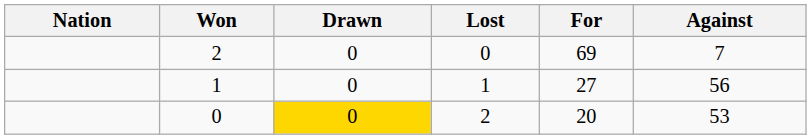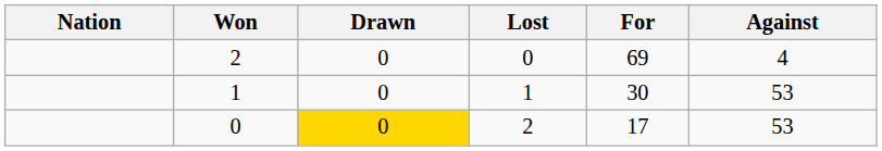 <table class="wikitable" style="text-align: center; width:50%">
 <tr>
 <th>Nation</th>
 <th>Won</th>
 <th>Drawn</th>
 <th>Lost</th>
 <th>For</th>
 <th>Against</th>
 </tr>
 <tr>
 <td align=left></td>
 <td>2</td>
 <td>0</td>
 <td>0</td>
 <td>69</td>
-<td>7</td>
+<td>4</td>
 </tr>
 <tr>
 <td align=left></td>
 <td>1</td>
 <td>0</td>
 <td>1</td>
-<td>27</td>
-<td>56</td>
+<td>30</td>
+<td>53</td>
 </tr>
 <tr>
 <td align=left></td>
 <td>0</td>
 <td style="background: gold;">0</td>
 <td>2</td>
-<td>20</td>
+<td>17</td>
 <td>53</td>
 </tr>
 </table>
